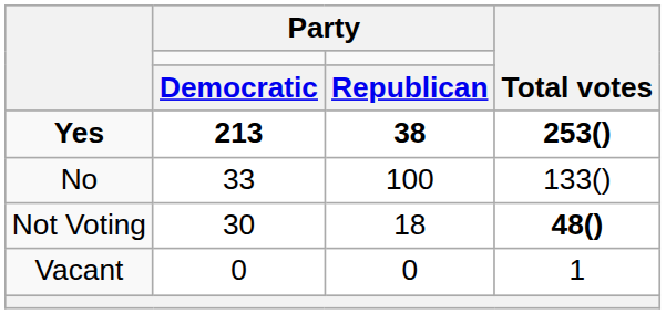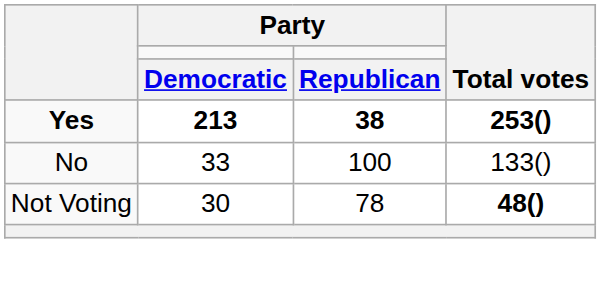 <table class=wikitable style="text-align:center">
 <tr style="vertical-align:bottom;">
 <th rowspan=3></th>
 <th colspan=2>Party</th>
 <th rowspan=3>Total votes</th>
 </tr>
 <tr style="height:5px">
 <td style="background-color:"></td>
 <td style="background-color:"></td>
 </tr>
 <tr style="vertical-align:bottom;">
 <th><a href='#'>Democratic</a></th>
 <th><a href='#'>Republican</a></th>
 </tr>
 <tr>
 <td><strong>Yes</strong></td>
 <td style="background:#fff;"><strong>213</strong></td>
 <td style="background:#fff;"><strong>38</strong></td>
 <td style="background:#fff;"><strong>253()</strong></td>
 </tr>
 <tr>
 <td>No</td>
 <td style="background:#fff;">33</td>
 <td style="background:#fff;">100</td>
 <td style="background:#fff;">133()</td>
 </tr>
 <tr>
 <td>Not Voting</td>
 <td style="background:#fff;">30</td>
-<td style="background:#fff;">18</td>
+<td style="background:#fff;">78</td>
 <td style="background:#fff;"><strong>48()</strong></td>
-</tr>
-<tr>
-<td>Vacant</td>
-<td style="background:#fff;">0</td>
-<td style="background:#fff;">0</td>
-<td style="background:#fff;">1</td>
 </tr>
 <tr>
 <th colspan=4 style="text-align:left;"></th>
 </tr>
 </table>
